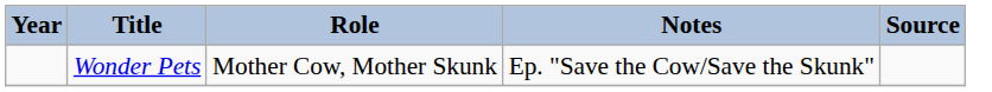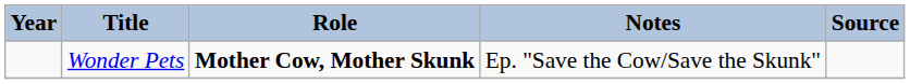 <table class="wikitable sortable plainrowheaders">
 <tr>
 <th style="background:#b0c4de;">Year</th>
 <th style="background:#b0c4de;">Title</th>
 <th style="background:#b0c4de;">Role</th>
 <th style="background:#b0c4de;" class="unsortable">Notes</th>
 <th style="background:#b0c4de;" class="unsortable">Source</th>
 </tr>
 <tr>
 <td></td>
 <td><em><a href='#'>Wonder Pets</a></em></td>
-<td>Mother Cow, Mother Skunk</td>
+<td><strong>Mother Cow, Mother Skunk</strong></td>
 <td>Ep. "Save the Cow/Save the Skunk"</td>
 <td></td>
 </tr>
 <tr>
 </tr>
 </table>
